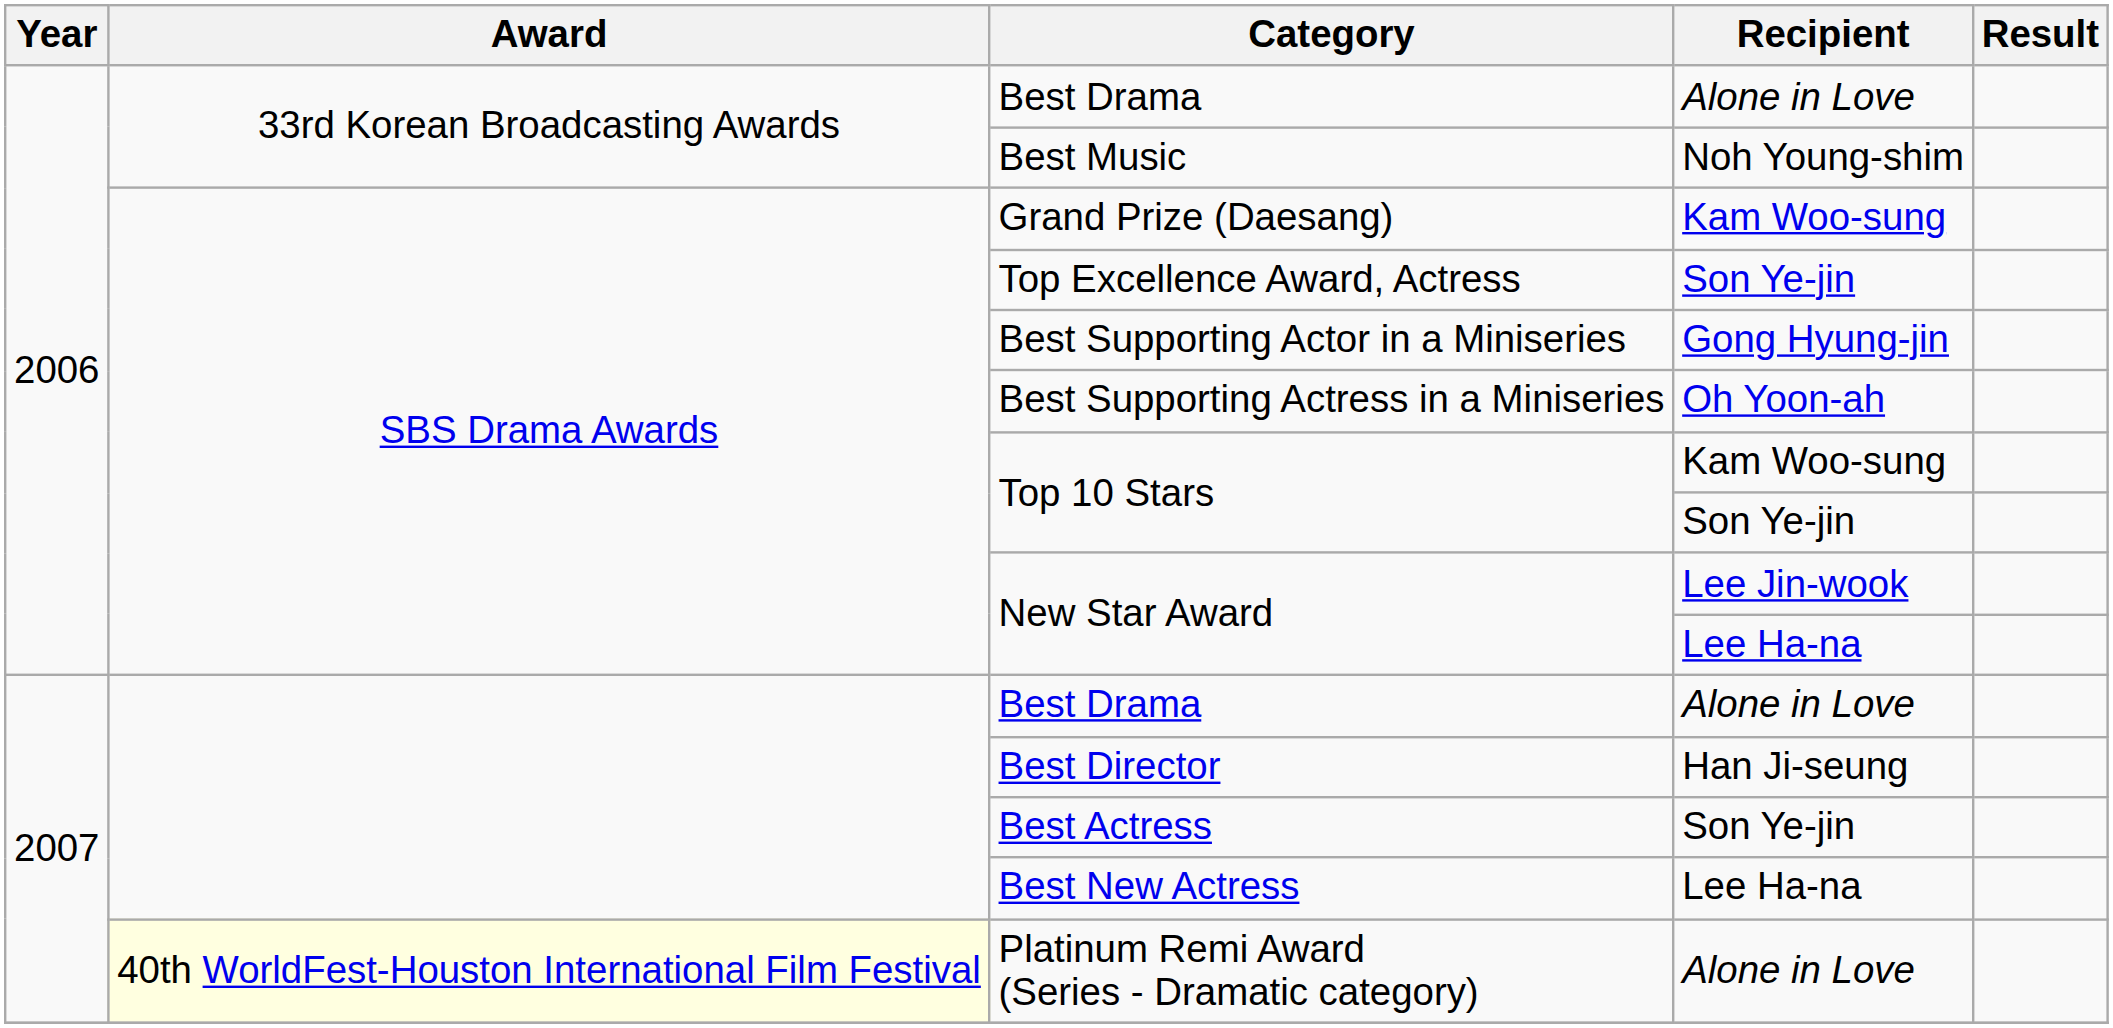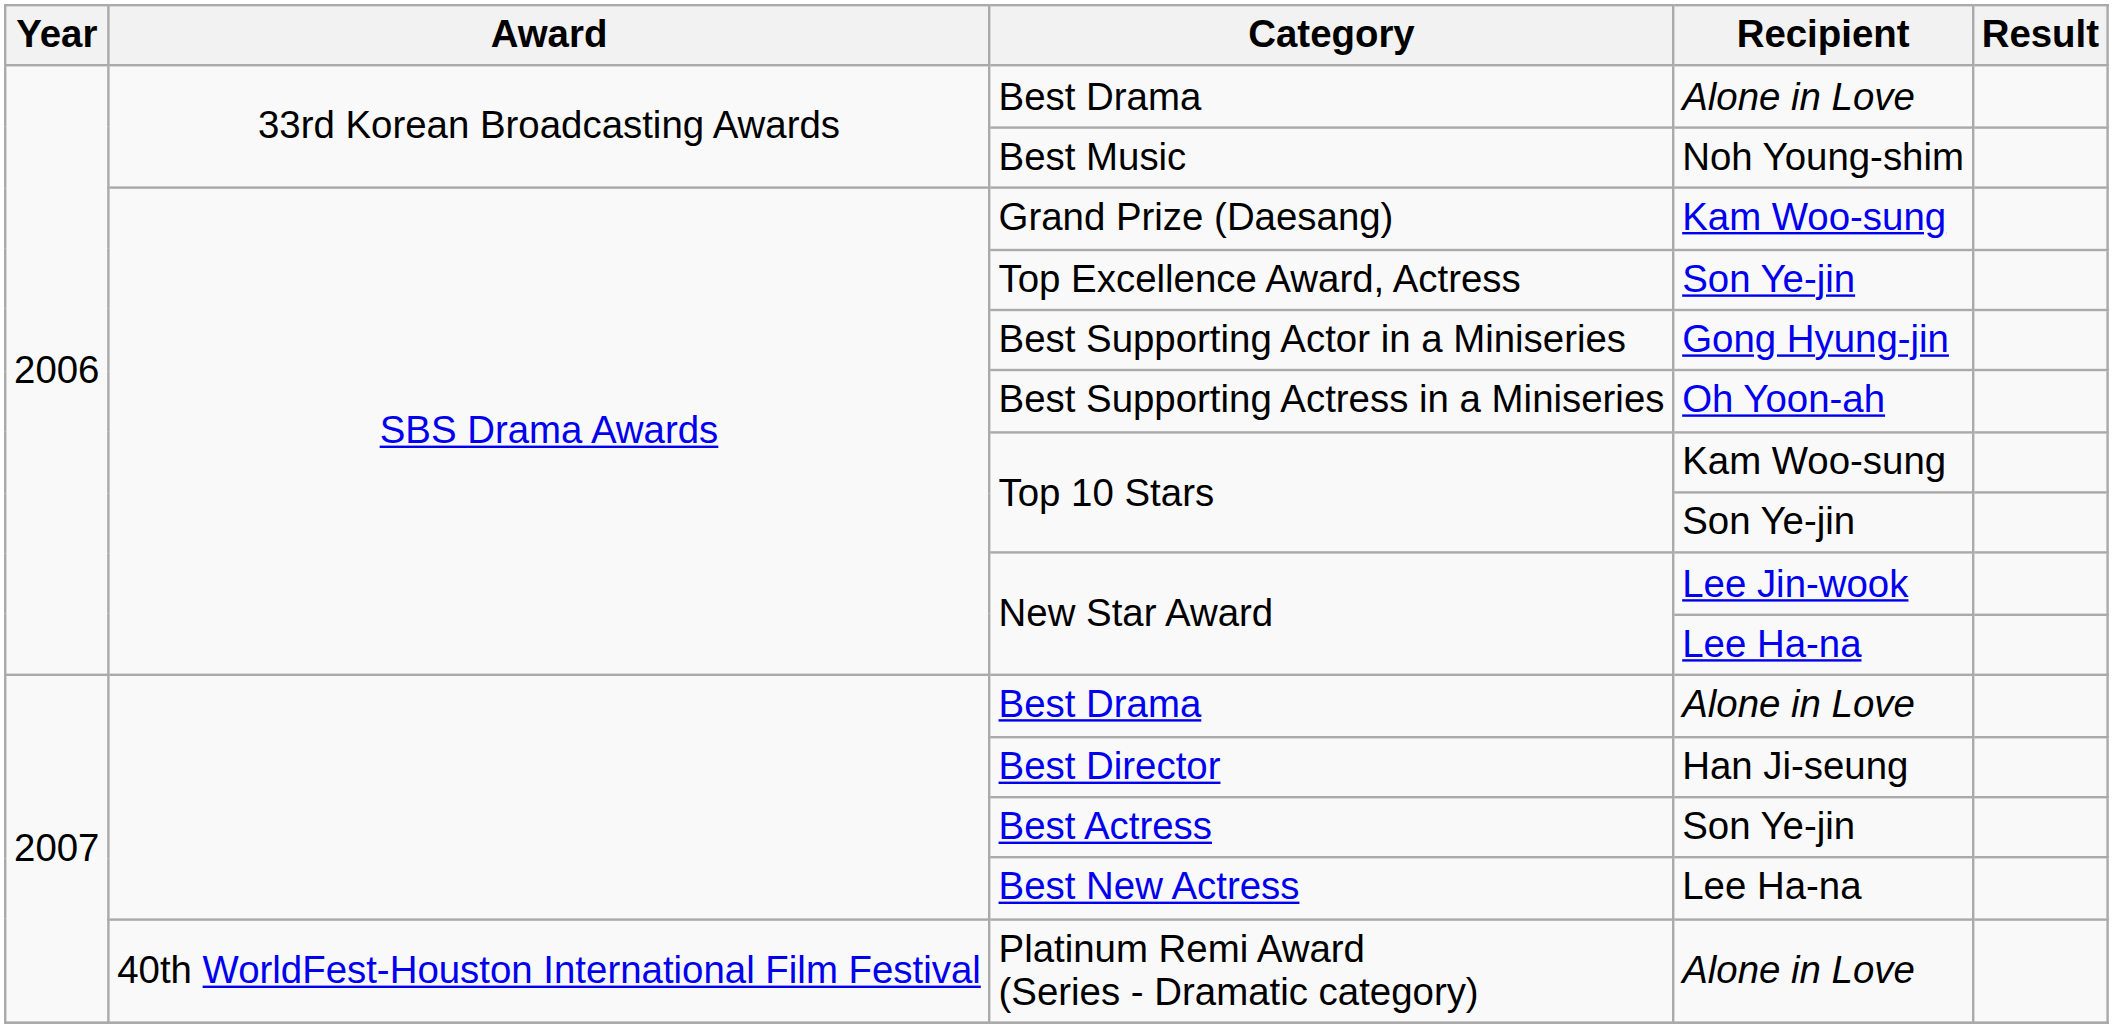 <table class="wikitable">
 <tr>
 <th>Year</th>
 <th>Award</th>
 <th>Category</th>
 <th>Recipient</th>
 <th>Result</th>
 </tr>
 <tr>
 <td rowspan=10>2006</td>
 <td rowspan=2 style="text-align:center;">33rd Korean Broadcasting Awards</td>
 <td>Best Drama</td>
 <td><em>Alone in Love</em></td>
 <td></td>
 </tr>
 <tr>
 <td>Best Music</td>
 <td>Noh Young-shim</td>
 <td></td>
 </tr>
 <tr>
 <td rowspan=8 style="text-align:center;"><a href='#'>SBS Drama Awards</a></td>
 <td>Grand Prize (Daesang)</td>
 <td><a href='#'>Kam Woo-sung</a></td>
 <td></td>
 </tr>
 <tr>
 <td>Top Excellence Award, Actress</td>
 <td><a href='#'>Son Ye-jin</a></td>
 <td></td>
 </tr>
 <tr>
 <td>Best Supporting Actor in a Miniseries</td>
 <td><a href='#'>Gong Hyung-jin</a></td>
 <td></td>
 </tr>
 <tr>
 <td>Best Supporting Actress in a Miniseries</td>
 <td><a href='#'>Oh Yoon-ah</a></td>
 <td></td>
 </tr>
 <tr>
 <td rowspan=2>Top 10 Stars</td>
 <td>Kam Woo-sung</td>
 <td></td>
 </tr>
 <tr>
 <td>Son Ye-jin</td>
 <td></td>
 </tr>
 <tr>
 <td rowspan=2>New Star Award</td>
 <td><a href='#'>Lee Jin-wook</a></td>
 <td></td>
 </tr>
 <tr>
 <td><a href='#'>Lee Ha-na</a></td>
 <td></td>
 </tr>
 <tr>
 <td rowspan=5>2007</td>
 <td rowspan=4></td>
 <td><a href='#'>Best Drama</a></td>
 <td><em>Alone in Love</em></td>
 <td></td>
 </tr>
 <tr>
 <td><a href='#'>Best Director</a></td>
 <td>Han Ji-seung</td>
 <td></td>
 </tr>
 <tr>
 <td><a href='#'>Best Actress</a></td>
 <td>Son Ye-jin</td>
 <td></td>
 </tr>
 <tr>
 <td><a href='#'>Best New Actress</a></td>
 <td>Lee Ha-na</td>
 <td></td>
 </tr>
 <tr>
-<td style="background: lightyellow;">40th <a href='#'>WorldFest-Houston International Film Festival</a></td>
+<td>40th <a href='#'>WorldFest-Houston International Film Festival</a></td>
 <td>Platinum Remi Award <br> (Series - Dramatic category)</td>
 <td><em>Alone in Love</em></td>
 <td></td>
 </tr>
 <tr>
 </tr>
 </table>
